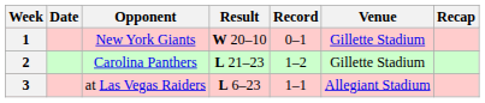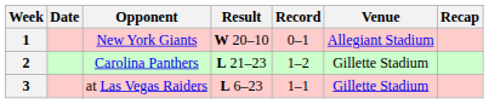 <table class="wikitable" style="text-align:center">
 <tr>
 <th>Week</th>
 <th>Date</th>
 <th>Opponent</th>
 <th>Result</th>
 <th>Record</th>
 <th>Venue</th>
 <th>Recap</th>
 </tr>
 <tr style="background:#fcc">
 <th>1</th>
 <td></td>
 <td><a href='#'>New York Giants</a></td>
 <td><strong>W</strong> 20–10</td>
 <td>0–1</td>
-<td><a href='#'>Gillette Stadium</a></td>
+<td><a href='#'>Allegiant Stadium</a></td>
 <td></td>
 </tr>
 <tr style="background:#cfc">
 <th>2</th>
 <td></td>
 <td><a href='#'>Carolina Panthers</a></td>
 <td><strong>L</strong> 21–23</td>
 <td>1–2</td>
 <td>Gillette Stadium</td>
 <td></td>
 </tr>
 <tr style="background:#fcc">
 <th>3</th>
 <td></td>
 <td>at <a href='#'>Las Vegas Raiders</a></td>
 <td><strong>L</strong> 6–23</td>
 <td>1–1</td>
-<td><a href='#'>Allegiant Stadium</a></td>
+<td><a href='#'>Gillette Stadium</a></td>
 <td></td>
 </tr>
 </table>
